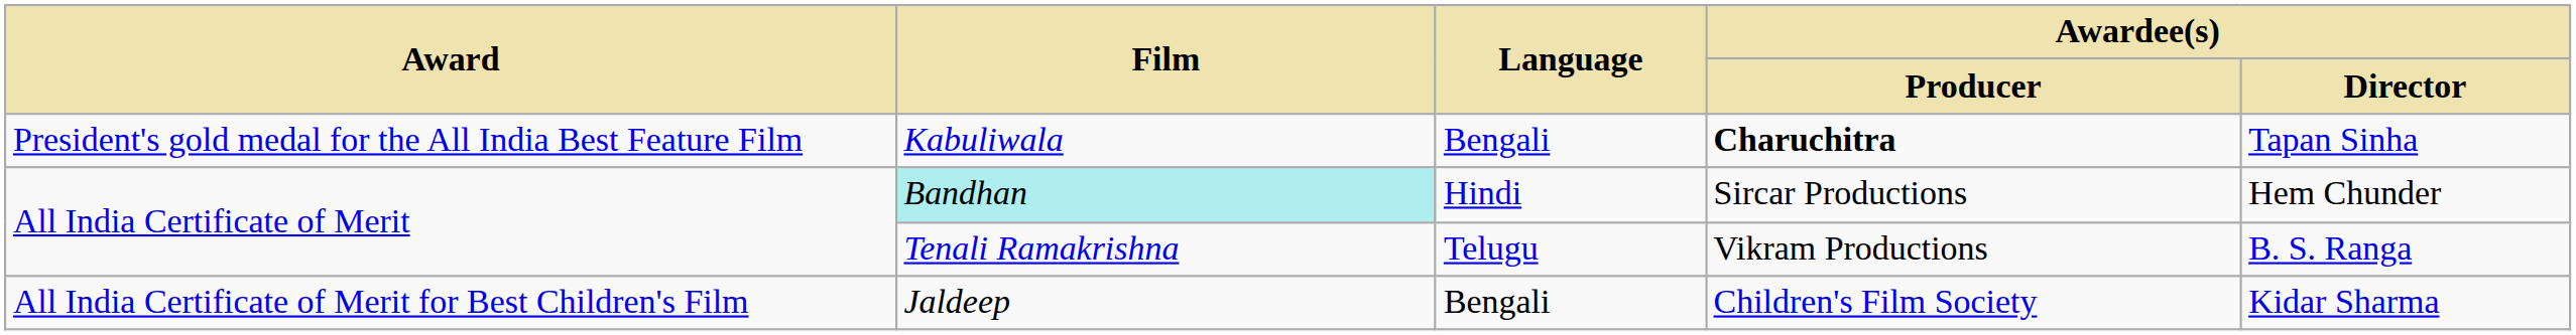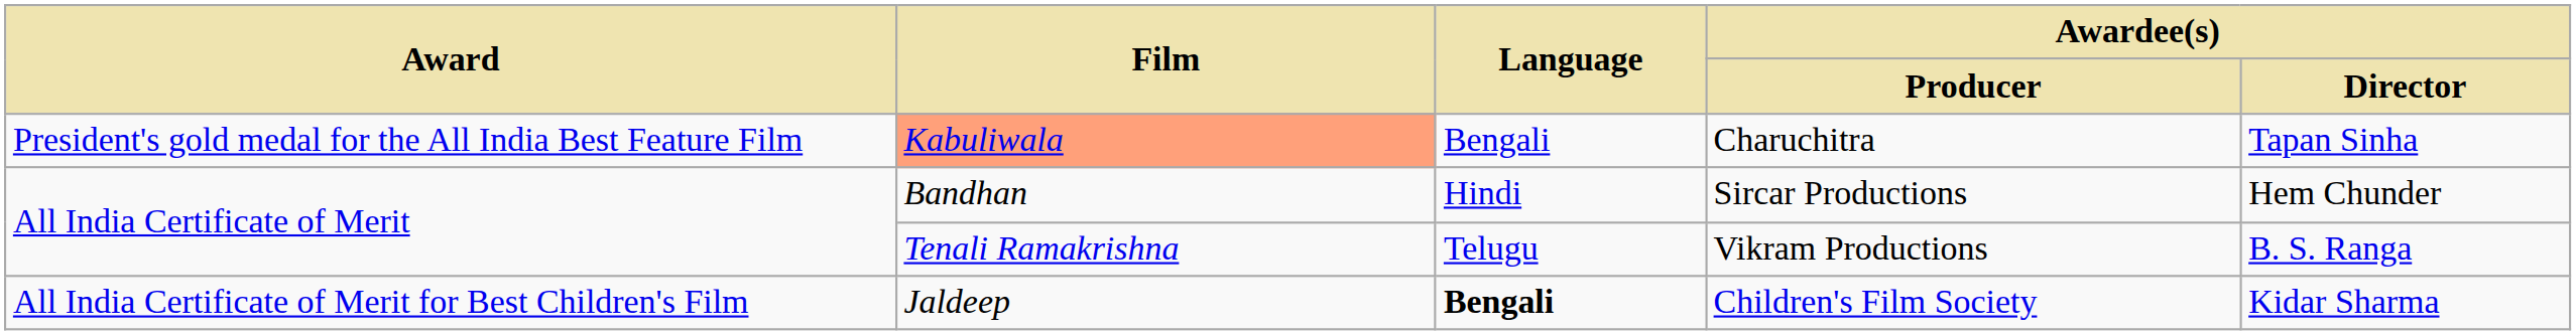 <table class="wikitable sortable" style="width:95%">
 <tr>
 <th scope="col" rowspan="2" style="background-color:#EFE4B0;width:33%;">Award</th>
 <th scope="col" rowspan="2" style="background-color:#EFE4B0;width:20%;">Film</th>
 <th scope="col" rowspan="2" style="background-color:#EFE4B0;width:10%;">Language</th>
 <th scope="col" colspan="2" style="background-color:#EFE4B0;width:32%;">Awardee(s)</th>
 </tr>
 <tr>
 <th scope="col" style="background-color:#EFE4B0;">Producer</th>
 <th scope="col" style="background-color:#EFE4B0;">Director</th>
 </tr>
 <tr>
 <td><a href='#'>President's gold medal for the All India Best Feature Film</a></td>
-<td><em><a href='#'>Kabuliwala</a></em></td>
+<td style="background: lightsalmon;"><em><a href='#'>Kabuliwala</a></em></td>
 <td><a href='#'>Bengali</a></td>
-<td><strong>Charuchitra</strong></td>
+<td>Charuchitra</td>
 <td><a href='#'>Tapan Sinha</a></td>
 </tr>
 <tr>
 <td rowspan="2"><a href='#'>All India Certificate of Merit</a></td>
-<td style="background: paleturquoise;"><em>Bandhan</em></td>
+<td><em>Bandhan</em></td>
 <td><a href='#'>Hindi</a></td>
 <td>Sircar Productions</td>
 <td>Hem Chunder</td>
 </tr>
 <tr>
 <td><em><a href='#'>Tenali Ramakrishna</a></em></td>
 <td><a href='#'>Telugu</a></td>
 <td>Vikram Productions</td>
 <td><a href='#'>B. S. Ranga</a></td>
 </tr>
 <tr>
 <td><a href='#'>All India Certificate of Merit for Best Children's Film</a></td>
 <td><em>Jaldeep</em></td>
-<td>Bengali</td>
+<td><strong>Bengali</strong></td>
 <td><a href='#'>Children's Film Society</a></td>
 <td><a href='#'>Kidar Sharma</a></td>
 </tr>
 </table>
